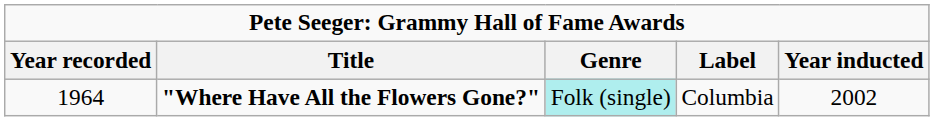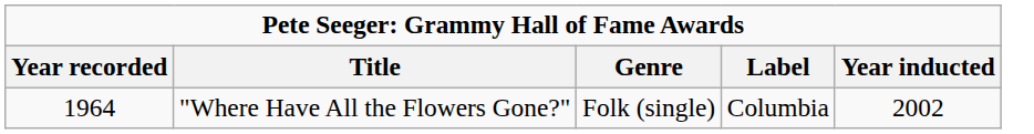 <table class=wikitable>
 <tr>
 <td colspan="6" style="text-align:center;"><strong>Pete Seeger: Grammy Hall of Fame Awards</strong></td>
 </tr>
 <tr>
 <th>Year recorded</th>
 <th>Title</th>
 <th>Genre</th>
 <th>Label</th>
 <th>Year inducted</th>
 </tr>
 <tr align=center>
 <td>1964</td>
-<td><strong>"Where Have All the Flowers Gone?"</strong></td>
-<td style="background: paleturquoise;">Folk (single)</td>
+<td>"Where Have All the Flowers Gone?"</td>
+<td>Folk (single)</td>
 <td>Columbia</td>
 <td>2002</td>
 </tr>
 </table>
